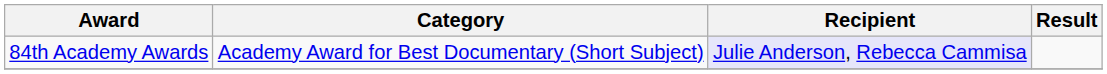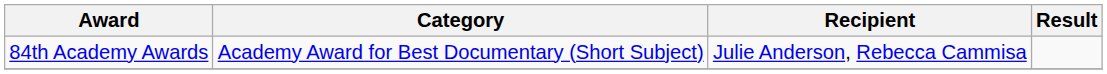 <table class="wikitable">
 <tr>
 <th>Award</th>
 <th>Category</th>
 <th>Recipient</th>
 <th>Result</th>
 </tr>
 <tr>
 <td><a href='#'>84th Academy Awards</a></td>
 <td><a href='#'>Academy Award for Best Documentary (Short Subject)</a></td>
-<td style="background: lavender;"><a href='#'>Julie Anderson</a>, <a href='#'>Rebecca Cammisa</a></td>
+<td><a href='#'>Julie Anderson</a>, <a href='#'>Rebecca Cammisa</a></td>
 <td></td>
 </tr>
 <tr>
 </tr>
 </table>
